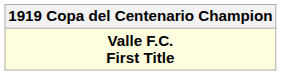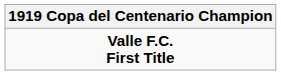 <table class="wikitable" style="text-align: center; margin: 0 auto;">
 <tr>
 <th>1919 Copa del Centenario Champion</th>
 </tr>
 <tr>
-<td style="background: lightyellow;"><strong>Valle F.C.</strong><br><strong>First Title</strong></td>
+<td><strong>Valle F.C.</strong><br><strong>First Title</strong></td>
 </tr>
 </table>
